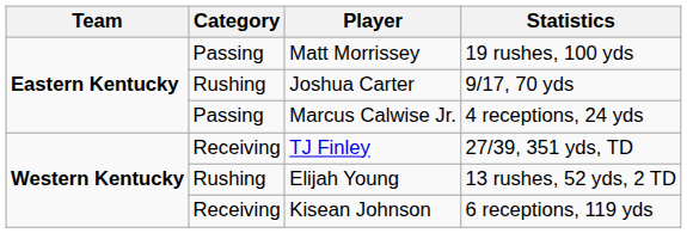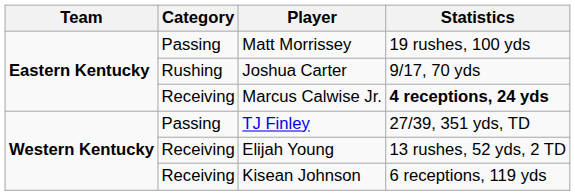 <table class="wikitable" style="float: right;">
 <tr>
 <th>Team</th>
 <th>Category</th>
 <th>Player</th>
 <th>Statistics</th>
 </tr>
 <tr>
 <td rowspan=3><strong>Eastern Kentucky</strong></td>
 <td>Passing</td>
 <td>Matt Morrissey</td>
 <td>19 rushes, 100 yds</td>
 </tr>
 <tr>
 <td>Rushing</td>
 <td>Joshua Carter</td>
 <td>9/17, 70 yds</td>
 </tr>
 <tr>
-<td>Passing</td>
+<td>Receiving</td>
 <td>Marcus Calwise Jr.</td>
-<td>4 receptions, 24 yds</td>
+<td><strong>4 receptions, 24 yds</strong></td>
 </tr>
 <tr>
 <td rowspan=3><strong>Western Kentucky</strong></td>
-<td>Receiving</td>
+<td>Passing</td>
 <td><a href='#'>TJ Finley</a></td>
 <td>27/39, 351 yds, TD</td>
 </tr>
 <tr>
-<td>Rushing</td>
+<td>Receiving</td>
 <td>Elijah Young</td>
 <td>13 rushes, 52 yds, 2 TD</td>
 </tr>
 <tr>
 <td>Receiving</td>
 <td>Kisean Johnson</td>
 <td>6 receptions, 119 yds</td>
 </tr>
 </table>
